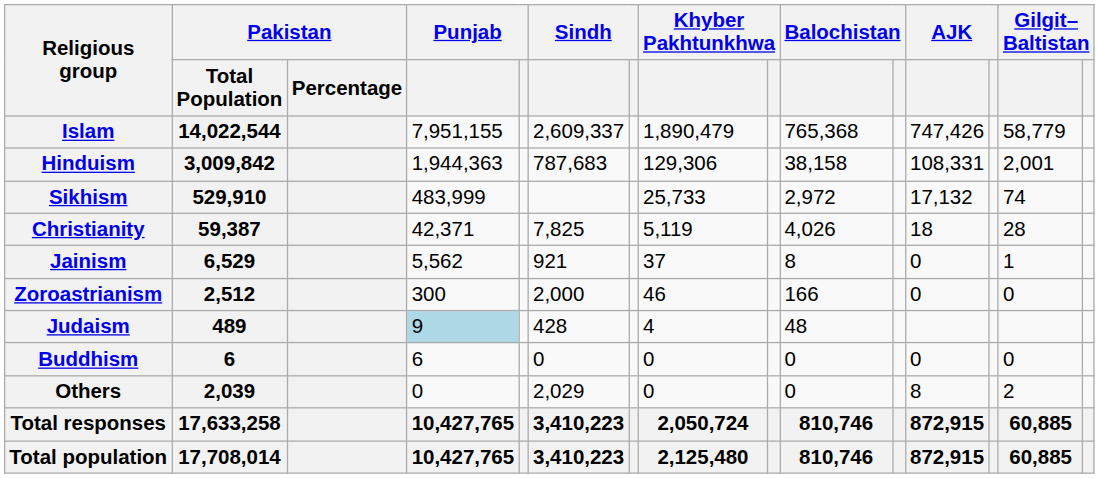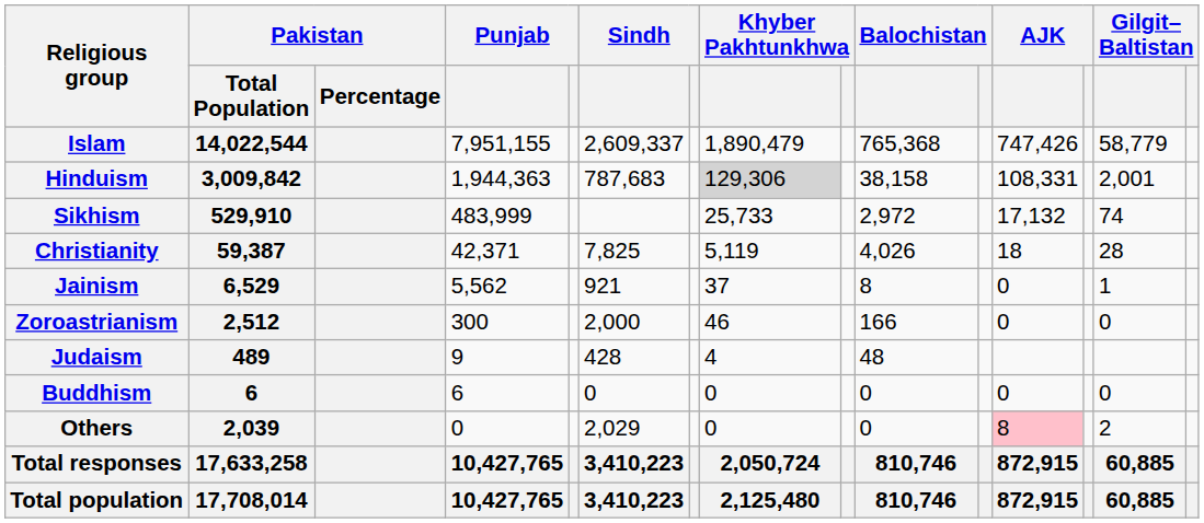 <table class="wikitable sortable">
 <tr>
 <th rowspan="2">Religious<br>group</th>
 <th colspan="2"><a href='#'>Pakistan</a></th>
 <th colspan="2"><a href='#'>Punjab</a></th>
 <th colspan="2"><a href='#'>Sindh</a></th>
 <th colspan="2"><a href='#'>Khyber<br>Pakhtunkhwa</a></th>
 <th colspan="2"><a href='#'>Balochistan</a></th>
 <th colspan="2"><a href='#'>AJK</a></th>
 <th colspan="2"><a href='#'>Gilgit–<br>Baltistan</a></th>
 </tr>
 <tr>
 <th>Total<br>Population</th>
 <th>Percentage</th>
 <th><a href='#'></a></th>
 <th></th>
 <th></th>
 <th></th>
 <th></th>
 <th></th>
 <th></th>
 <th></th>
 <th></th>
 <th></th>
 <th></th>
 <th></th>
 </tr>
 <tr>
 <th><a href='#'>Islam</a> </th>
 <th>14,022,544</th>
 <th></th>
 <td>7,951,155</td>
 <td></td>
 <td>2,609,337</td>
 <td></td>
 <td>1,890,479</td>
 <td></td>
 <td>765,368</td>
 <td></td>
 <td>747,426</td>
 <td></td>
 <td>58,779</td>
 <td></td>
 </tr>
 <tr>
 <th><a href='#'>Hinduism</a> </th>
 <th>3,009,842</th>
 <th></th>
 <td>1,944,363</td>
 <td></td>
 <td>787,683</td>
 <td></td>
-<td>129,306</td>
+<td style="background: lightgrey;">129,306</td>
 <td></td>
 <td>38,158</td>
 <td></td>
 <td>108,331</td>
 <td></td>
 <td>2,001</td>
 <td></td>
 </tr>
 <tr>
 <th><a href='#'>Sikhism</a> </th>
 <th>529,910</th>
 <th></th>
 <td>483,999</td>
 <td></td>
 <td></td>
 <td></td>
 <td>25,733</td>
 <td></td>
 <td>2,972</td>
 <td></td>
 <td>17,132</td>
 <td></td>
 <td>74</td>
 <td></td>
 </tr>
 <tr>
 <th><a href='#'>Christianity</a> </th>
 <th>59,387</th>
 <th></th>
 <td>42,371</td>
 <td></td>
 <td>7,825</td>
 <td></td>
 <td>5,119</td>
 <td></td>
 <td>4,026</td>
 <td></td>
 <td>18</td>
 <td></td>
 <td>28</td>
 <td></td>
 </tr>
 <tr>
 <th><a href='#'>Jainism</a> </th>
 <th>6,529</th>
 <th></th>
 <td>5,562</td>
 <td></td>
 <td>921</td>
 <td></td>
 <td>37</td>
 <td></td>
 <td>8</td>
 <td></td>
 <td>0</td>
 <td></td>
 <td>1</td>
 <td></td>
 </tr>
 <tr>
 <th><a href='#'>Zoroastrianism</a> </th>
 <th>2,512</th>
 <th></th>
 <td>300</td>
 <td></td>
 <td>2,000</td>
 <td></td>
 <td>46</td>
 <td></td>
 <td>166</td>
 <td></td>
 <td>0</td>
 <td></td>
 <td>0</td>
 <td></td>
 </tr>
 <tr>
 <th><a href='#'>Judaism</a> </th>
 <th>489</th>
 <th></th>
-<td style="background: lightblue;">9</td>
+<td>9</td>
 <td></td>
 <td>428</td>
 <td></td>
 <td>4</td>
 <td></td>
 <td>48</td>
 <td></td>
 <td></td>
 <td></td>
 <td></td>
 <td></td>
 </tr>
 <tr>
 <th><a href='#'>Buddhism</a> </th>
 <th>6</th>
 <th></th>
 <td>6</td>
 <td></td>
 <td>0</td>
 <td></td>
 <td>0</td>
 <td></td>
 <td>0</td>
 <td></td>
 <td>0</td>
 <td></td>
 <td>0</td>
 <td></td>
 </tr>
 <tr>
 <th>Others</th>
 <th>2,039</th>
 <th></th>
 <td>0</td>
 <td></td>
 <td>2,029</td>
 <td></td>
 <td>0</td>
 <td></td>
 <td>0</td>
 <td></td>
-<td>8</td>
+<td style="background: pink;">8</td>
 <td></td>
 <td>2</td>
 <td></td>
 </tr>
 <tr>
 <th>Total responses</th>
 <th>17,633,258</th>
 <th></th>
 <th>10,427,765</th>
 <th></th>
 <th>3,410,223</th>
 <th></th>
 <th>2,050,724</th>
 <th></th>
 <th>810,746</th>
 <th></th>
 <th>872,915</th>
 <th></th>
 <th>60,885</th>
 <th></th>
 </tr>
 <tr>
 <th>Total population</th>
 <th>17,708,014</th>
 <th></th>
 <th>10,427,765</th>
 <th></th>
 <th>3,410,223</th>
 <th></th>
 <th>2,125,480</th>
 <th></th>
 <th>810,746</th>
 <th></th>
 <th>872,915</th>
 <th></th>
 <th>60,885</th>
 <th></th>
 </tr>
 </table>
